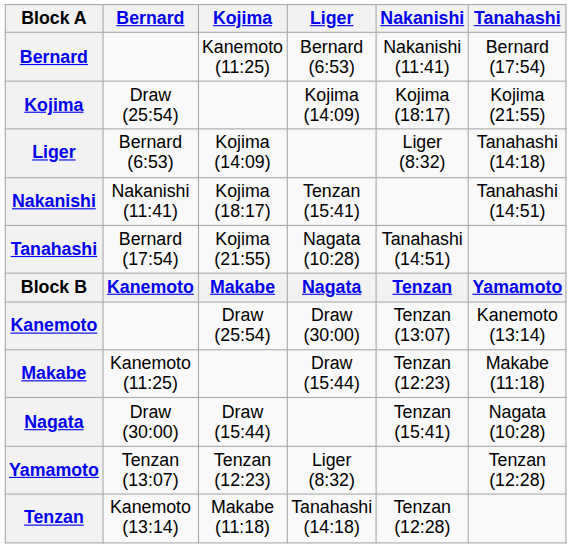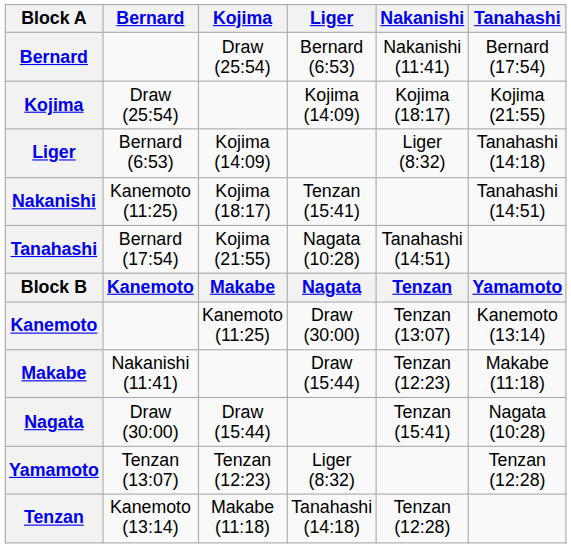 <table class="wikitable" style="margin: 1em auto 1em auto">
 <tr align="center">
 <th>Block A</th>
 <th><a href='#'>Bernard</a></th>
 <th><a href='#'>Kojima</a></th>
 <th><a href='#'>Liger</a></th>
 <th><a href='#'>Nakanishi</a></th>
 <th><a href='#'>Tanahashi</a></th>
 </tr>
 <tr align="center">
 <th><a href='#'>Bernard</a></th>
 <td></td>
-<td>Kanemoto<br>(11:25)</td>
+<td>Draw<br>(25:54)</td>
 <td>Bernard<br>(6:53)</td>
 <td>Nakanishi<br>(11:41)</td>
 <td>Bernard<br>(17:54)</td>
 </tr>
 <tr align="center">
 <th><a href='#'>Kojima</a></th>
 <td>Draw<br>(25:54)</td>
 <td></td>
 <td>Kojima<br>(14:09)</td>
 <td>Kojima<br>(18:17)</td>
 <td>Kojima<br>(21:55)</td>
 </tr>
 <tr align="center">
 <th><a href='#'>Liger</a></th>
 <td>Bernard<br>(6:53)</td>
 <td>Kojima<br>(14:09)</td>
 <td></td>
 <td>Liger<br>(8:32)</td>
 <td>Tanahashi<br>(14:18)</td>
 </tr>
 <tr align="center">
 <th><a href='#'>Nakanishi</a></th>
-<td>Nakanishi<br>(11:41)</td>
+<td>Kanemoto<br>(11:25)</td>
 <td>Kojima<br>(18:17)</td>
 <td>Tenzan<br>(15:41)</td>
 <td></td>
 <td>Tanahashi<br>(14:51)</td>
 </tr>
 <tr align="center">
 <th><a href='#'>Tanahashi</a></th>
 <td>Bernard<br>(17:54)</td>
 <td>Kojima<br>(21:55)</td>
 <td>Nagata<br>(10:28)</td>
 <td>Tanahashi<br>(14:51)</td>
 <td></td>
 </tr>
 <tr align="center">
 <th>Block B</th>
 <th><a href='#'>Kanemoto</a></th>
 <th><a href='#'>Makabe</a></th>
 <th><a href='#'>Nagata</a></th>
 <th><a href='#'>Tenzan</a></th>
 <th><a href='#'>Yamamoto</a></th>
 </tr>
 <tr align="center">
 <th><a href='#'>Kanemoto</a></th>
 <td></td>
-<td>Draw<br>(25:54)</td>
+<td>Kanemoto<br>(11:25)</td>
 <td>Draw<br>(30:00)</td>
 <td>Tenzan<br>(13:07)</td>
 <td>Kanemoto<br>(13:14)</td>
 </tr>
 <tr align="center">
 <th><a href='#'>Makabe</a></th>
-<td>Kanemoto<br>(11:25)</td>
+<td>Nakanishi<br>(11:41)</td>
 <td></td>
 <td>Draw<br>(15:44)</td>
 <td>Tenzan<br>(12:23)</td>
 <td>Makabe<br>(11:18)</td>
 </tr>
 <tr align="center">
 <th><a href='#'>Nagata</a></th>
 <td>Draw<br>(30:00)</td>
 <td>Draw<br>(15:44)</td>
 <td></td>
 <td>Tenzan<br>(15:41)</td>
 <td>Nagata<br>(10:28)</td>
 </tr>
 <tr align="center">
 <th><a href='#'>Yamamoto</a></th>
 <td>Tenzan<br>(13:07)</td>
 <td>Tenzan<br>(12:23)</td>
 <td>Liger<br>(8:32)</td>
 <td></td>
 <td>Tenzan<br>(12:28)</td>
 </tr>
 <tr align="center">
 <th><a href='#'>Tenzan</a></th>
 <td>Kanemoto<br>(13:14)</td>
 <td>Makabe<br>(11:18)</td>
 <td>Tanahashi<br>(14:18)</td>
 <td>Tenzan<br>(12:28)</td>
 <td></td>
 </tr>
 </table>
